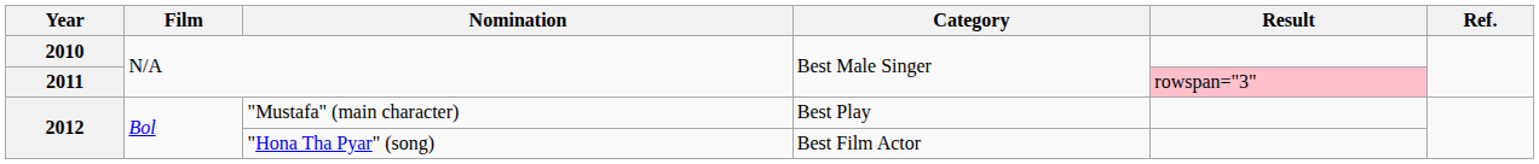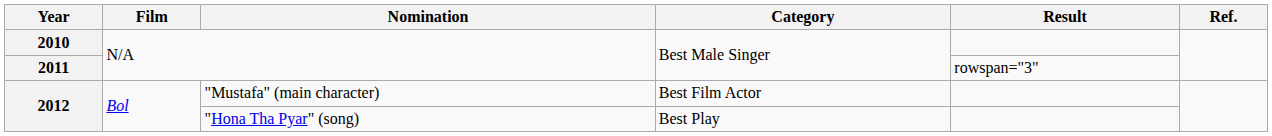 <table class="wikitable plainrowheaders" width="100%" "textcolor:#000;">
 <tr>
 <th>Year</th>
 <th>Film</th>
 <th>Nomination</th>
 <th>Category</th>
 <th>Result</th>
 <th>Ref.</th>
 </tr>
 <tr>
 <th>2010</th>
 <td colspan="2" rowspan="2">N/A</td>
 <td rowspan="2">Best Male Singer</td>
 <td></td>
 <td rowspan="2"></td>
 </tr>
 <tr>
 <th>2011</th>
-<td style="background: pink;">rowspan="3" </td>
+<td>rowspan="3" </td>
 </tr>
 <tr>
 <th rowspan="2">2012</th>
 <td rowspan="2"><em><a href='#'>Bol</a></em></td>
 <td>"Mustafa" (main character)</td>
-<td>Best Play</td>
+<td>Best Film Actor</td>
 <td></td>
 </tr>
 <tr>
 <td>"<a href='#'>Hona Tha Pyar</a>" (song)</td>
-<td>Best Film Actor</td>
+<td>Best Play</td>
 <td></td>
 </tr>
 </table>
